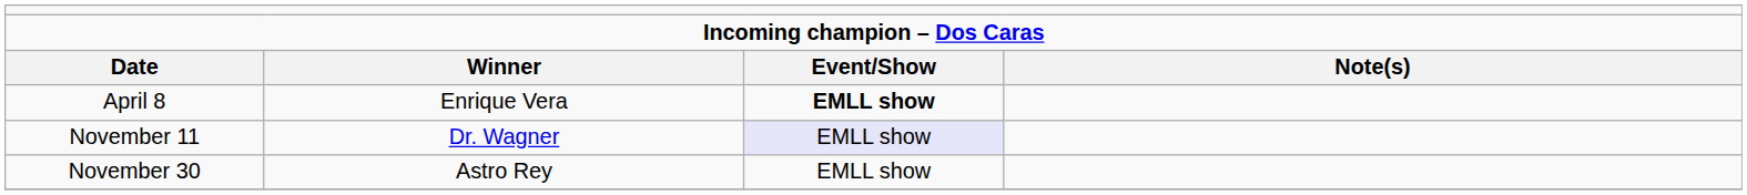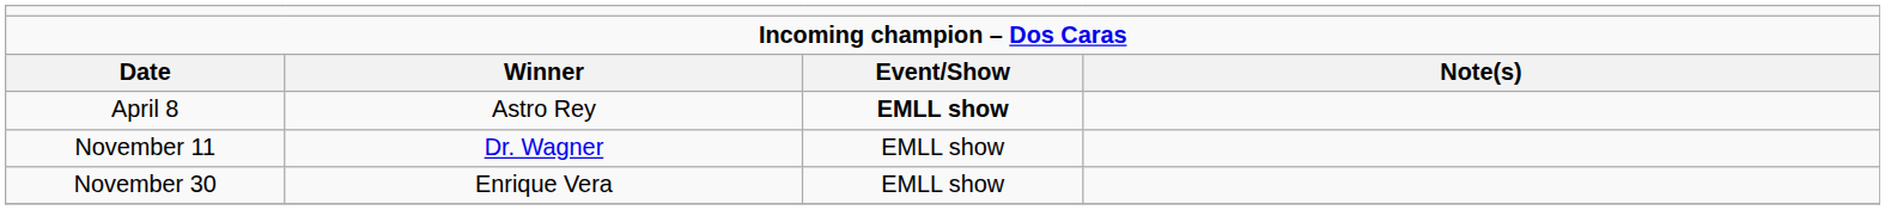 <table class="wikitable" style="text-align:center; width:100%;">
 <tr>
 <td colspan=5></td>
 </tr>
 <tr>
 <td colspan=5><strong>Incoming champion – <a href='#'>Dos Caras</a></strong></td>
 </tr>
 <tr>
 <th width=14%>Date</th>
 <th width=26%>Winner</th>
 <th width=14%>Event/Show</th>
 <th width=40%>Note(s)</th>
 </tr>
 <tr>
 <td>April 8</td>
-<td>Enrique Vera</td>
+<td>Astro Rey</td>
 <td><strong>EMLL show</strong></td>
 <td></td>
 </tr>
 <tr>
 <td>November 11</td>
 <td><a href='#'>Dr. Wagner</a></td>
-<td style="background: lavender;">EMLL show</td>
+<td>EMLL show</td>
 <td></td>
 </tr>
 <tr>
 <td>November 30</td>
-<td>Astro Rey</td>
+<td>Enrique Vera</td>
 <td>EMLL show</td>
 <td></td>
 </tr>
 <tr>
 </tr>
 </table>
